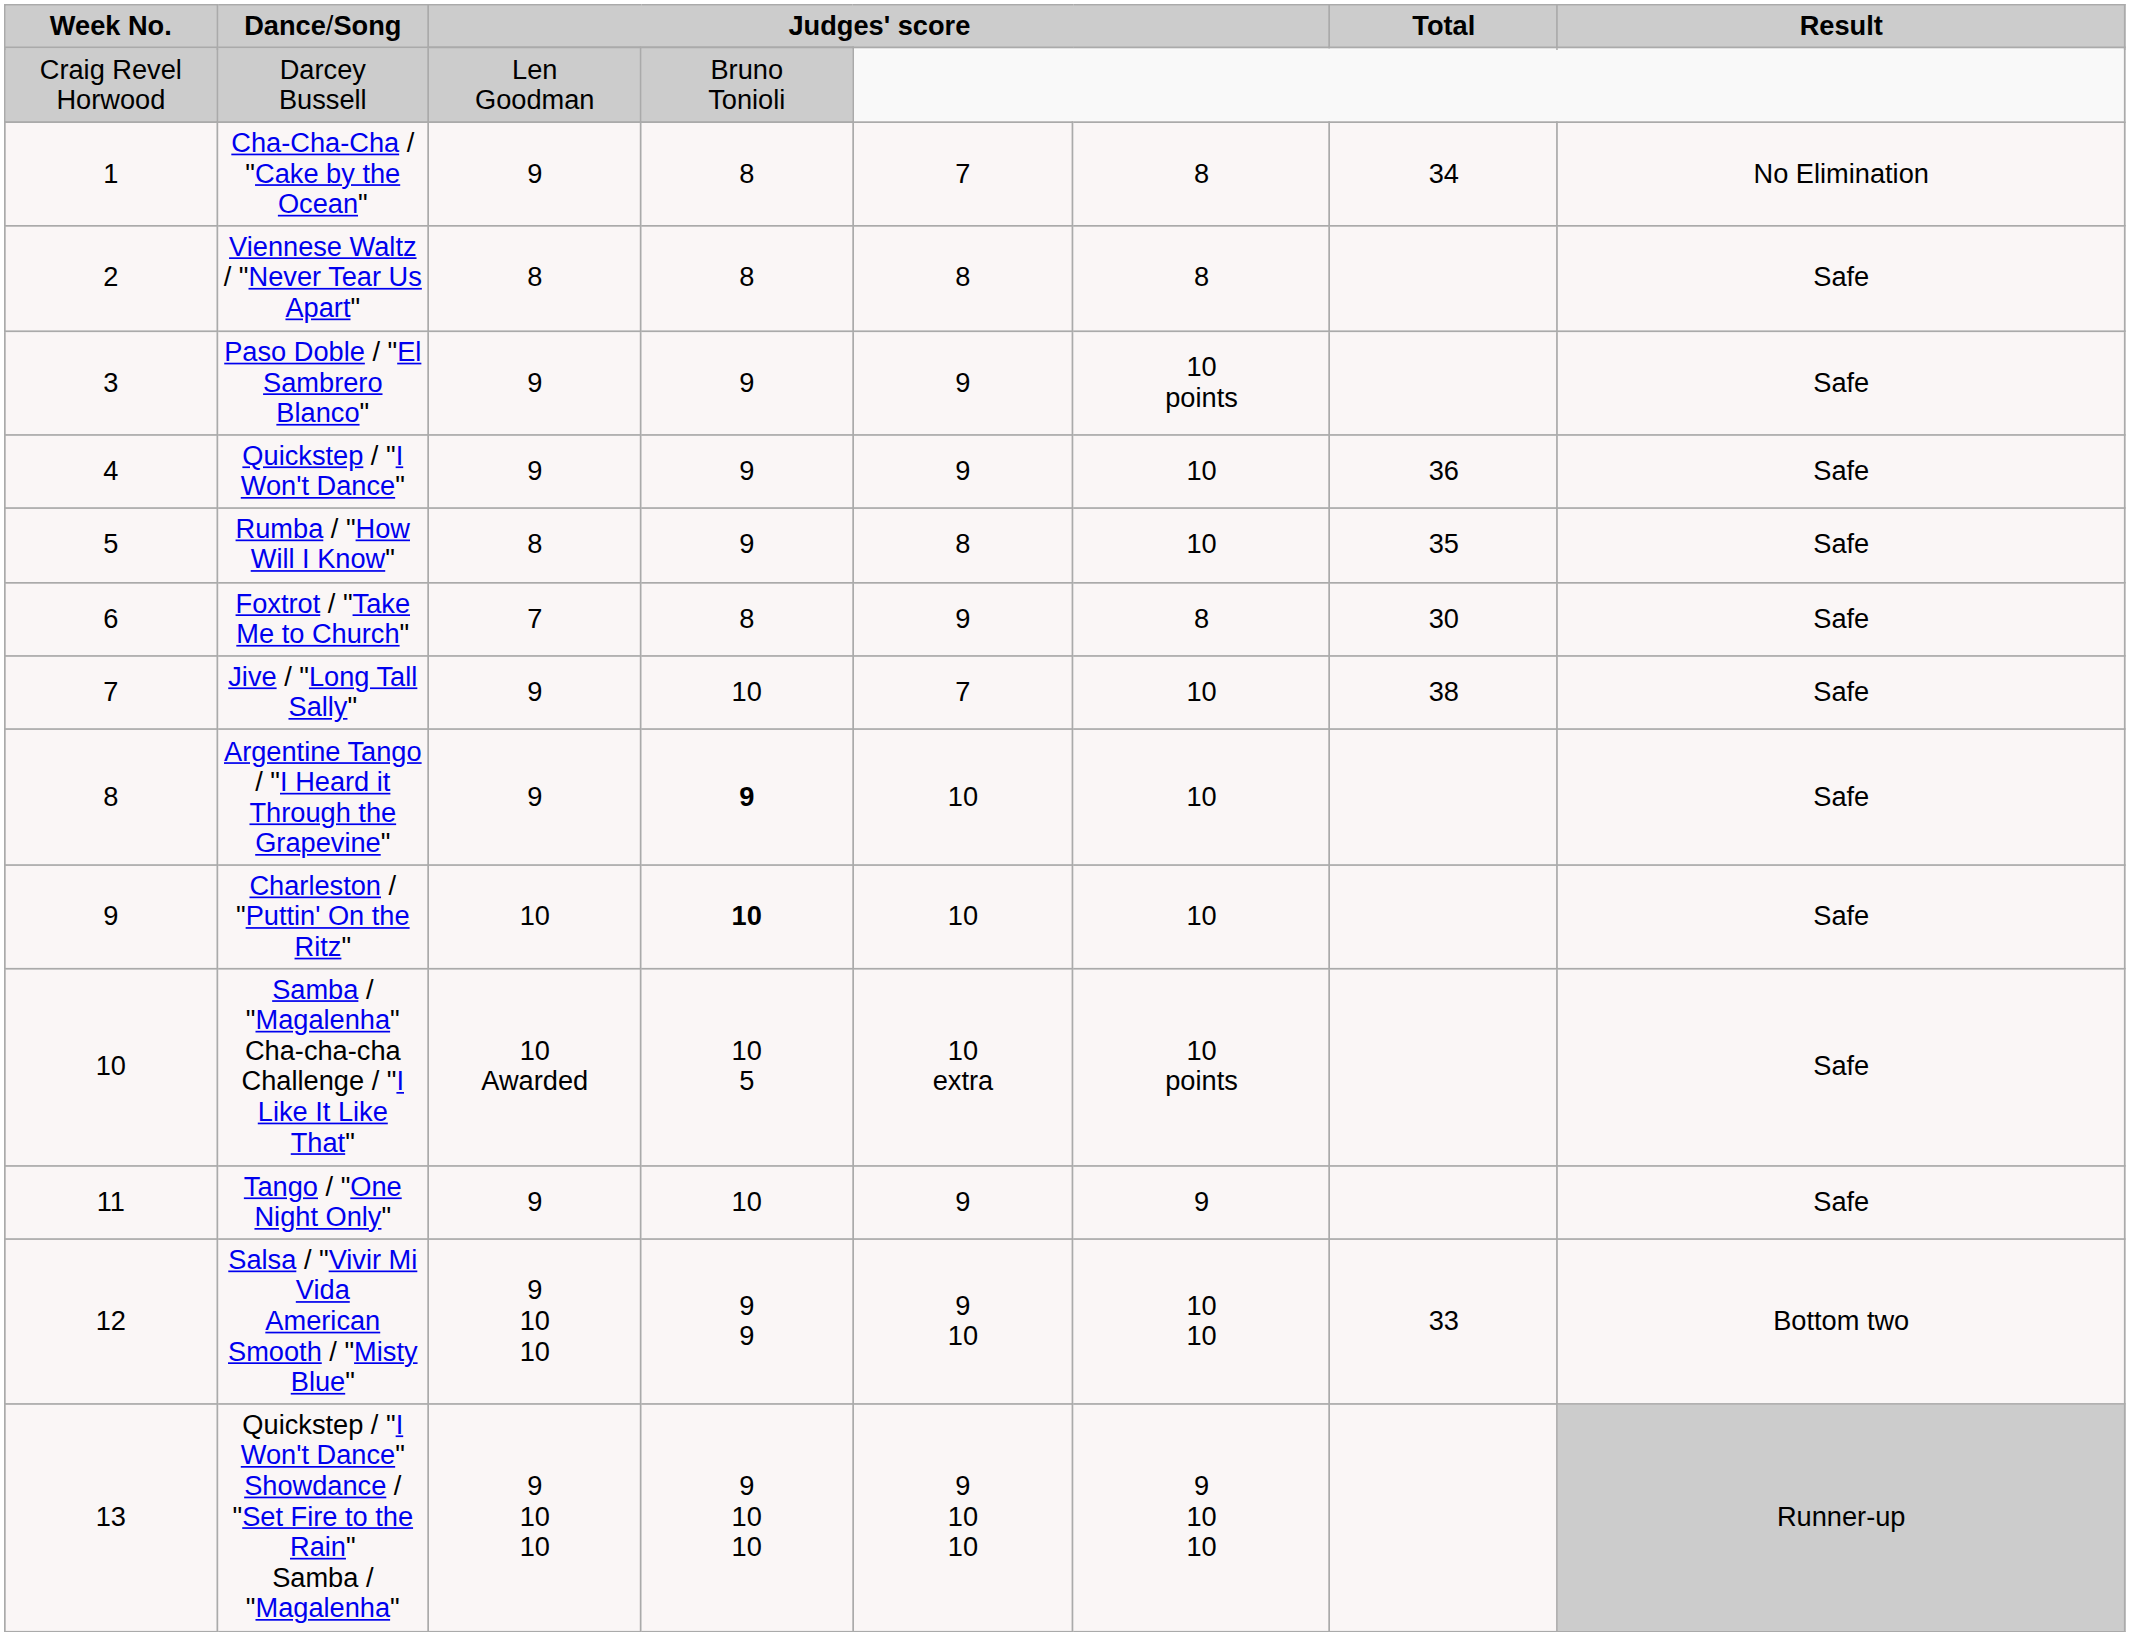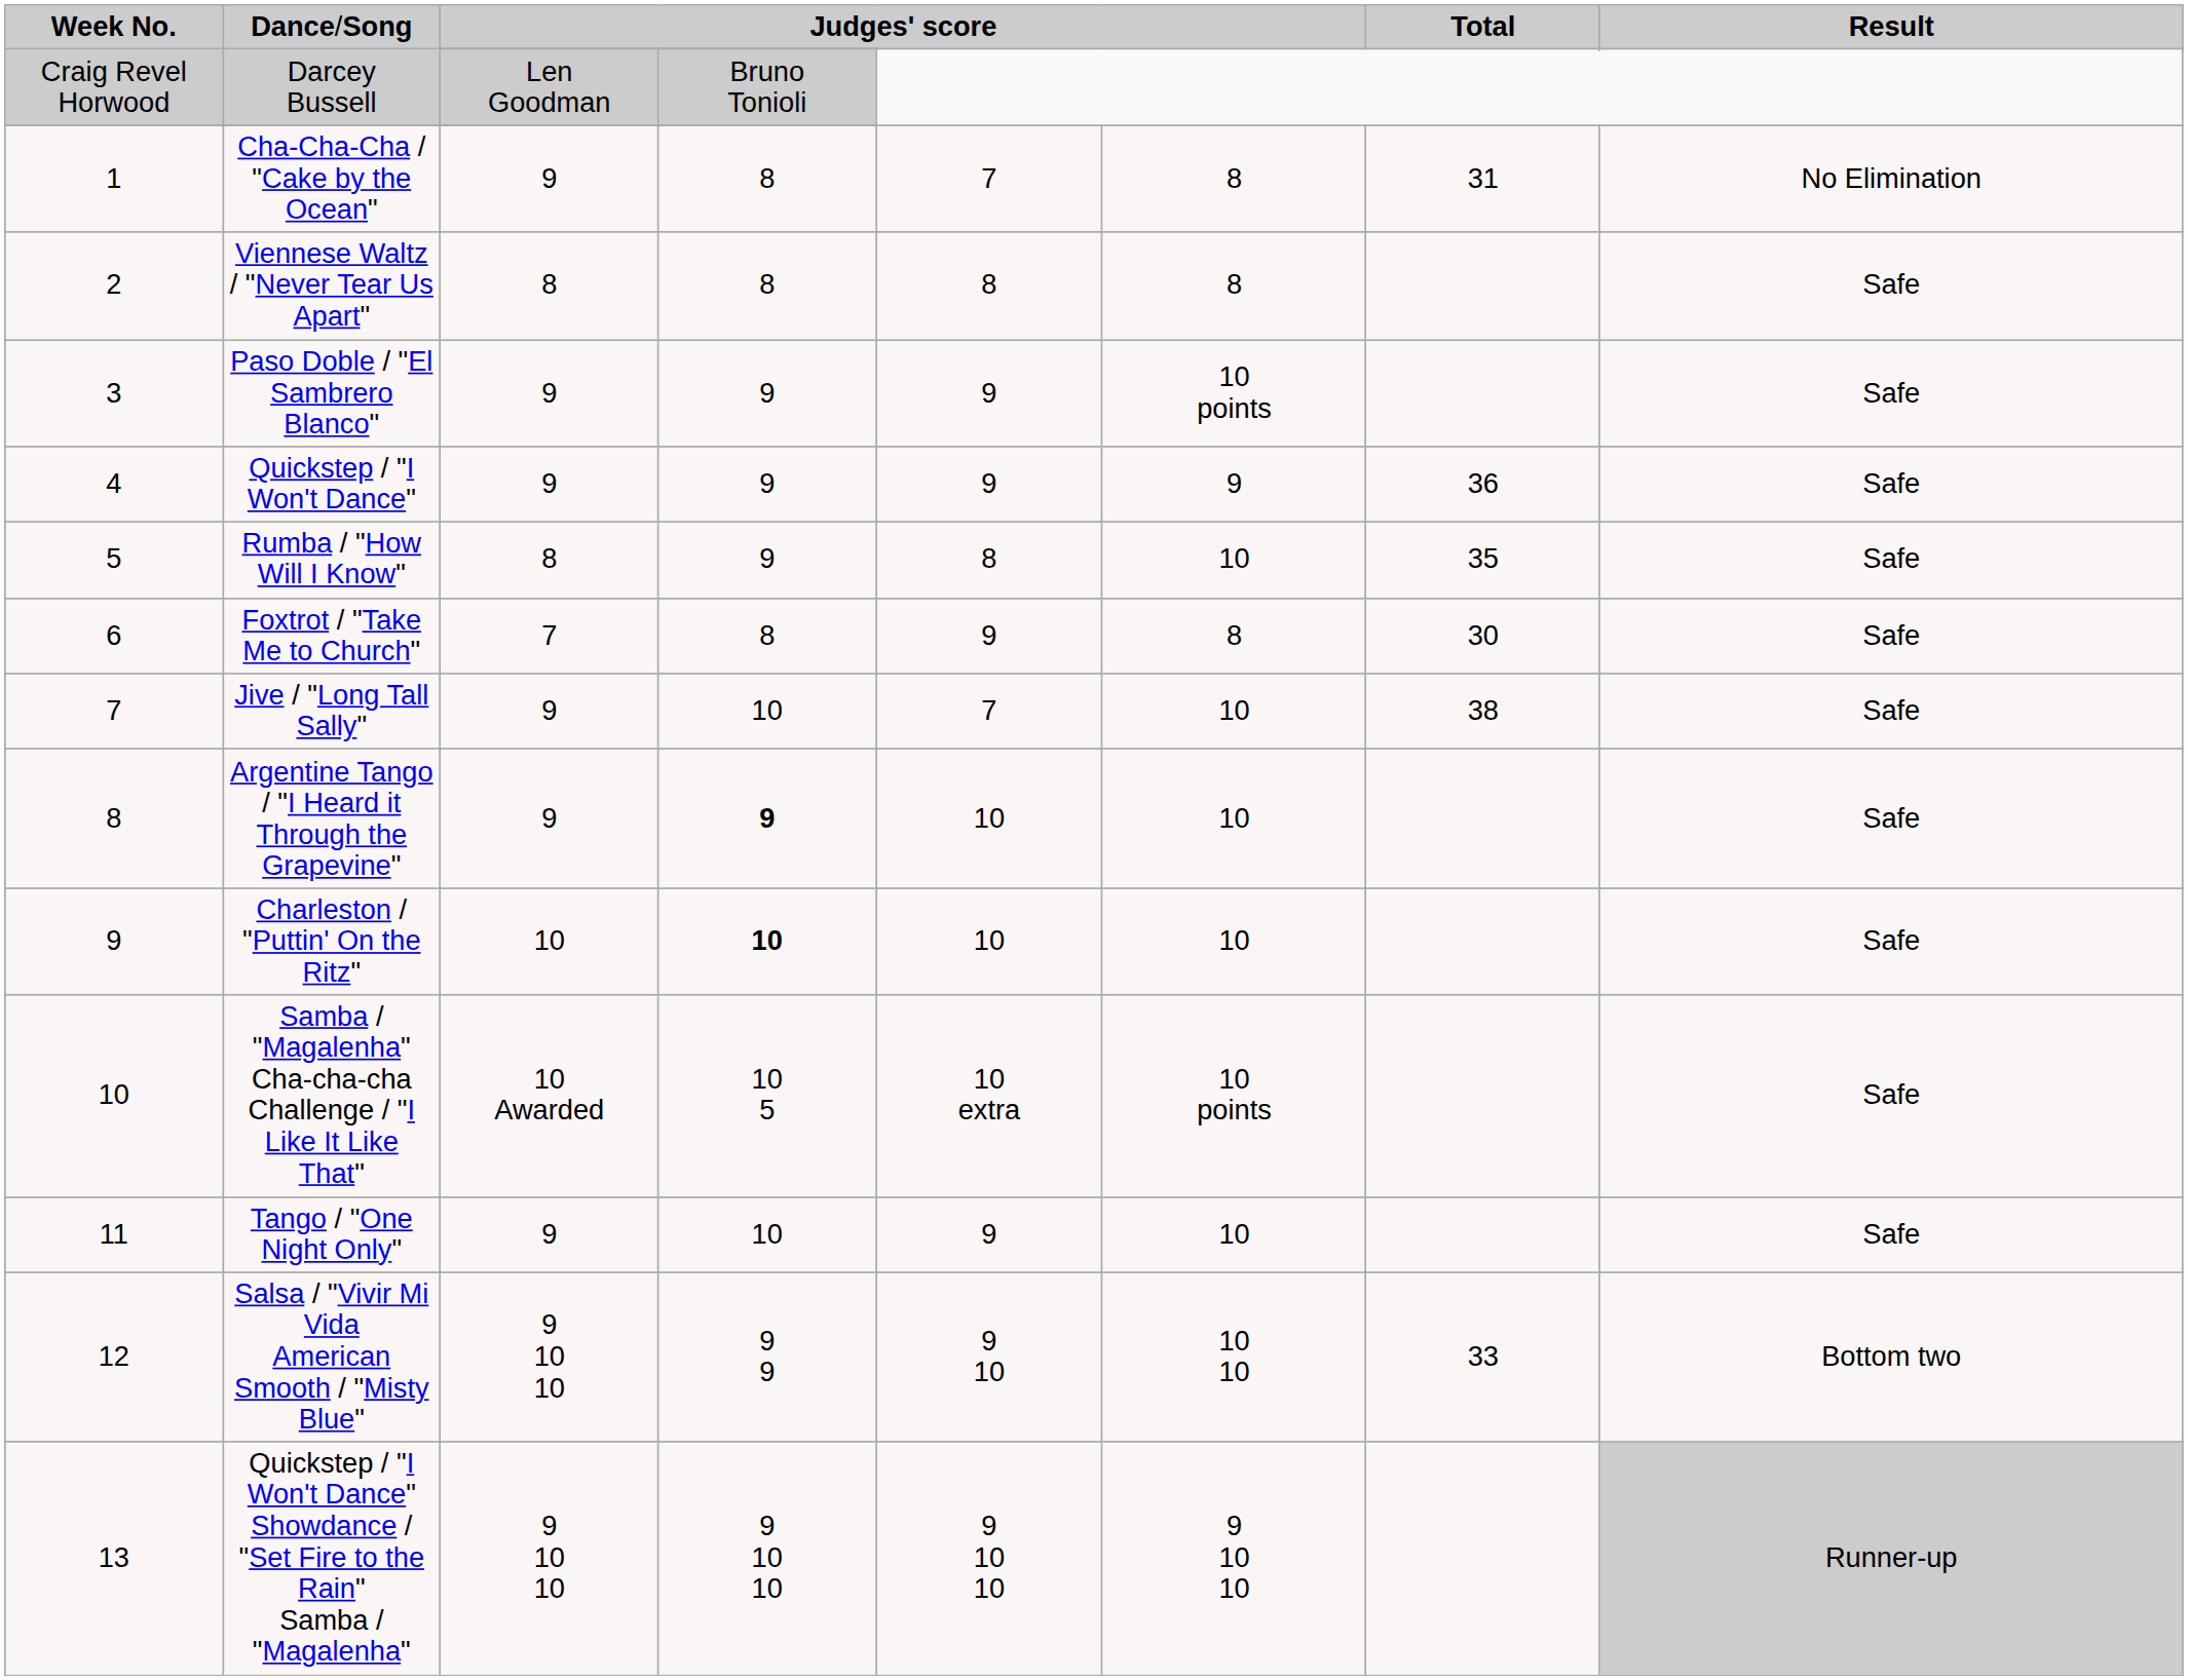 <table class="wikitable" align="center">
 <tr>
 <td rowspan="2" bgcolor="CCCCCC" align="Center"><strong>Week No.</strong></td>
 <td rowspan="2" bgcolor="CCCCCC" align="Center"><strong>Dance</strong>/<strong>Song</strong></td>
 <td colspan="4" bgcolor="CCCCCC" align="Center"><strong>Judges' score</strong></td>
 <td rowspan="2" bgcolor="CCCCCC" align="Center"><strong>Total</strong></td>
 <td rowspan="2" bgcolor="CCCCCC" align="Center"><strong>Result</strong></td>
 </tr>
 <tr>
 </tr>
 <tr>
 <td bgcolor="CCCCCC" width="10%" align="center">Craig Revel<br>Horwood</td>
 <td bgcolor="CCCCCC" width="10%" align="center">Darcey<br>Bussell</td>
 <td bgcolor="CCCCCC" width="10%" align="center">Len<br>Goodman</td>
 <td bgcolor="CCCCCC" width="10%" align="center">Bruno<br>Tonioli</td>
 </tr>
 <tr>
 </tr>
 <tr>
 <td align="center" bgcolor="FAF6F6">1</td>
 <td align="center" bgcolor="FAF6F6"><a href='#'>Cha-Cha-Cha</a> / "<a href='#'>Cake by the Ocean</a>"</td>
 <td align="center" bgcolor="FAF6F6">9</td>
 <td align="center" bgcolor="FAF6F6">8</td>
 <td align="center" bgcolor="FAF6F6">7</td>
 <td align="center" bgcolor="FAF6F6">8</td>
-<td align="center" bgcolor="FAF6F6">34</td>
+<td align="center" bgcolor="FAF6F6">31</td>
 <td align="center" bgcolor="FAF6F6">No Elimination</td>
 </tr>
 <tr>
 <td align="center" bgcolor="FAF6F6">2</td>
 <td align="center" bgcolor="FAF6F6"><a href='#'>Viennese Waltz</a> / "<a href='#'>Never Tear Us Apart</a>"</td>
 <td align="center" bgcolor="FAF6F6">8</td>
 <td align="center" bgcolor="FAF6F6">8</td>
 <td align="center" bgcolor="FAF6F6">8</td>
 <td align="center" bgcolor="FAF6F6">8</td>
 <td align="center" bgcolor="FAF6F6"></td>
 <td align="center" bgcolor="FAF6F6">Safe</td>
 </tr>
 <tr>
 <td align="center" bgcolor="FAF6F6">3</td>
 <td align="center" bgcolor="FAF6F6"><a href='#'>Paso Doble</a> / "<a href='#'>El Sambrero Blanco</a>"</td>
 <td align="center" bgcolor="FAF6F6">9</td>
 <td align="center" bgcolor="FAF6F6">9</td>
 <td align="center" bgcolor="FAF6F6">9</td>
 <td align="center" bgcolor="FAF6F6">10<br>points</td>
 <td align="center" bgcolor="FAF6F6"></td>
 <td align="center" bgcolor="FAF6F6">Safe</td>
 </tr>
 <tr>
 <td align="center" bgcolor="FAF6F6">4</td>
 <td align="center" bgcolor="FAF6F6"><a href='#'>Quickstep</a> / "<a href='#'>I Won't Dance</a>"</td>
 <td align="center" bgcolor="FAF6F6">9</td>
 <td align="center" bgcolor="FAF6F6">9</td>
 <td align="center" bgcolor="FAF6F6">9</td>
-<td align="center" bgcolor="FAF6F6">10</td>
+<td align="center" bgcolor="FAF6F6">9</td>
 <td align="center" bgcolor="FAF6F6">36</td>
 <td align="center" bgcolor="FAF6F6">Safe</td>
 </tr>
 <tr>
 <td align="center" bgcolor="FAF6F6">5</td>
 <td align="center" bgcolor="FAF6F6"><a href='#'>Rumba</a> / "<a href='#'>How Will I Know</a>"</td>
 <td align="center" bgcolor="FAF6F6">8</td>
 <td align="center" bgcolor="FAF6F6">9</td>
 <td align="center" bgcolor="FAF6F6">8</td>
 <td align="center" bgcolor="FAF6F6">10</td>
 <td align="center" bgcolor="FAF6F6">35</td>
 <td align="center" bgcolor="FAF6F6">Safe</td>
 </tr>
 <tr>
 <td align="center" bgcolor="FAF6F6">6</td>
 <td align="center" bgcolor="FAF6F6"><a href='#'>Foxtrot</a> / "<a href='#'>Take Me to Church</a>"</td>
 <td align="center" bgcolor="FAF6F6">7</td>
 <td align="center" bgcolor="FAF6F6">8</td>
 <td align="center" bgcolor="FAF6F6">9</td>
 <td align="center" bgcolor="FAF6F6">8</td>
 <td align="center" bgcolor="FAF6F6">30</td>
 <td align="center" bgcolor="FAF6F6">Safe</td>
 </tr>
 <tr>
 <td align="center" bgcolor="FAF6F6">7</td>
 <td align="center" bgcolor="FAF6F6"><a href='#'>Jive</a> / "<a href='#'>Long Tall Sally</a>"</td>
 <td align="center" bgcolor="FAF6F6">9</td>
 <td align="center" bgcolor="FAF6F6">10</td>
 <td align="center" bgcolor="FAF6F6">7</td>
 <td align="center" bgcolor="FAF6F6">10</td>
 <td align="center" bgcolor="FAF6F6">38</td>
 <td align="center" bgcolor="FAF6F6">Safe</td>
 </tr>
 <tr>
 <td align="center" bgcolor="FAF6F6">8</td>
 <td align="center" bgcolor="FAF6F6"><a href='#'>Argentine Tango</a> / "<a href='#'>I Heard it Through the Grapevine</a>"</td>
 <td align="center" bgcolor="FAF6F6">9</td>
 <td align="center" bgcolor="FAF6F6"><strong>9</strong></td>
 <td align="center" bgcolor="FAF6F6">10</td>
 <td align="center" bgcolor="FAF6F6">10</td>
 <td align="center" bgcolor="FAF6F6"></td>
 <td align="center" bgcolor="FAF6F6">Safe</td>
 </tr>
 <tr>
 <td align="center" bgcolor="FAF6F6">9</td>
 <td align="center" bgcolor="FAF6F6"><a href='#'>Charleston</a> / "<a href='#'>Puttin' On the Ritz</a>"</td>
 <td align="center" bgcolor="FAF6F6">10</td>
 <td align="center" bgcolor="FAF6F6"><strong>10</strong></td>
 <td align="center" bgcolor="FAF6F6">10</td>
 <td align="center" bgcolor="FAF6F6">10</td>
 <td align="center" bgcolor="FAF6F6"></td>
 <td align="center" bgcolor="FAF6F6">Safe</td>
 </tr>
 <tr>
 <td align="center" bgcolor="FAF6F6">10</td>
 <td align="center" bgcolor="FAF6F6"><a href='#'>Samba</a> / "<a href='#'>Magalenha</a>"<br>Cha-cha-cha Challenge / "<a href='#'>I Like It Like That</a>"</td>
 <td align="center" bgcolor="FAF6F6">10<br>Awarded</td>
 <td align="center" bgcolor="FAF6F6">10<br>5</td>
 <td align="center" bgcolor="FAF6F6">10<br>extra</td>
 <td align="center" bgcolor="FAF6F6">10<br>points</td>
 <td align="center" bgcolor="FAF6F6"><br></td>
 <td align="center" bgcolor="FAF6F6">Safe</td>
 </tr>
 <tr>
 <td align="center" bgcolor="FAF6F6">11</td>
 <td align="center" bgcolor="FAF6F6"><a href='#'>Tango</a> / "<a href='#'>One Night Only</a>"</td>
 <td align="center" bgcolor="FAF6F6">9</td>
 <td align="center" bgcolor="FAF6F6">10</td>
 <td align="center" bgcolor="FAF6F6">9</td>
-<td align="center" bgcolor="FAF6F6">9</td>
+<td align="center" bgcolor="FAF6F6">10</td>
 <td align="center" bgcolor="FAF6F6"></td>
 <td align="center" bgcolor="FAF6F6">Safe</td>
 </tr>
 <tr>
 <td align="center" bgcolor="FAF6F6">12</td>
 <td align="center" bgcolor="FAF6F6"><a href='#'>Salsa</a> / "<a href='#'>Vivir Mi Vida</a> <br> <a href='#'>American Smooth</a> / "<a href='#'>Misty Blue</a>"</td>
 <td align="center" bgcolor="FAF6F6">9<br>10<br>10</td>
 <td align="center" bgcolor="FAF6F6">9<br>9</td>
 <td align="center" bgcolor="FAF6F6">9<br>10</td>
 <td align="center" bgcolor="FAF6F6">10<br>10</td>
 <td align="center" bgcolor="FAF6F6">33<br></td>
 <td align="center" bgcolor="FAF6F6">Bottom two</td>
 </tr>
 <tr>
 <td align="center" bgcolor="FAF6F6">13</td>
 <td align="center" bgcolor="FAF6F6">Quickstep / "<a href='#'>I Won't Dance</a>" <br> <a href='#'>Showdance</a> / "<a href='#'>Set Fire to the Rain</a>" <br> Samba / "<a href='#'>Magalenha</a>"</td>
 <td align="center" bgcolor="FAF6F6">9<br>10<br>10</td>
 <td align="center" bgcolor="FAF6F6">9<br>10<br>10</td>
 <td align="center" bgcolor="FAF6F6">9<br>10<br>10</td>
 <td align="center" bgcolor="FAF6F6">9<br>10<br>10</td>
 <td align="center" bgcolor="FAF6F6"><br><br></td>
 <td style="text-align:center; background:#ccc;">Runner-up</td>
 </tr>
 </table>
